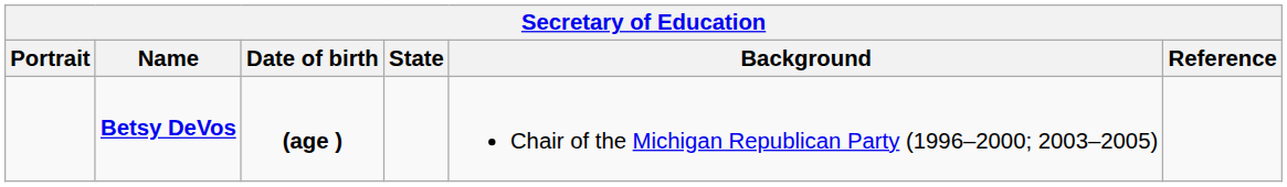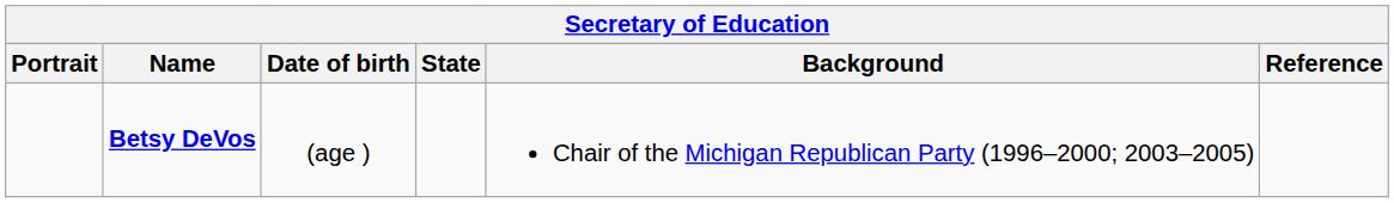 <table class="wikitable collapsible" style="text-align:center;">
 <tr>
 <th colspan="6"><a href='#'>Secretary of Education</a></th>
 </tr>
 <tr>
 <th>Portrait</th>
 <th>Name</th>
 <th>Date of birth</th>
 <th>State</th>
 <th>Background</th>
 <th>Reference</th>
 </tr>
 <tr>
 <td></td>
 <td><strong><a href='#'>Betsy DeVos</a></strong></td>
-<td><strong><br>(age )</strong></td>
+<td><br>(age )</td>
 <td></td>
 <td><br><ul><li>Chair of the <a href='#'>Michigan Republican Party</a> (1996–2000; 2003–2005)</li></ul></td>
 <td></td>
 </tr>
 </table>
